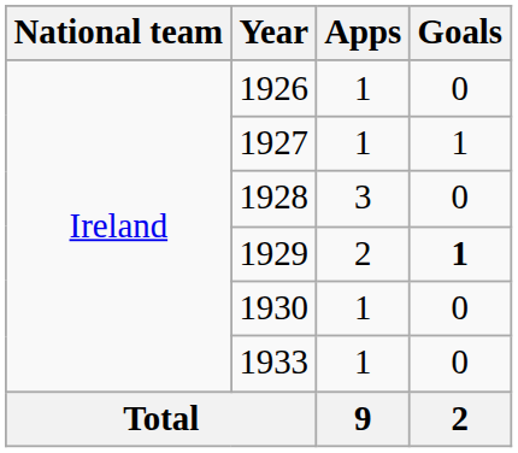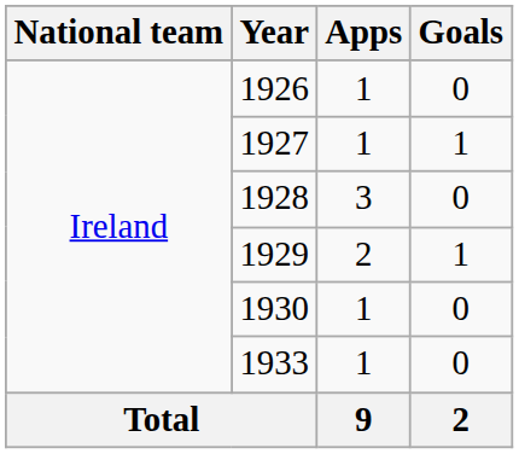 <table class=wikitable style=text-align:center>
 <tr>
 <th>National team</th>
 <th>Year</th>
 <th>Apps</th>
 <th>Goals</th>
 </tr>
 <tr>
 <td rowspan="6"><a href='#'>Ireland</a></td>
 <td>1926</td>
 <td>1</td>
 <td>0</td>
 </tr>
 <tr>
 <td>1927</td>
 <td>1</td>
 <td>1</td>
 </tr>
 <tr>
 <td>1928</td>
 <td>3</td>
 <td>0</td>
 </tr>
 <tr>
 <td>1929</td>
 <td>2</td>
-<td><strong>1</strong></td>
+<td>1</td>
 </tr>
 <tr>
 <td>1930</td>
 <td>1</td>
 <td>0</td>
 </tr>
 <tr>
 <td>1933</td>
 <td>1</td>
 <td>0</td>
 </tr>
 <tr>
 <th colspan="2">Total</th>
 <th>9</th>
 <th>2</th>
 </tr>
 </table>
